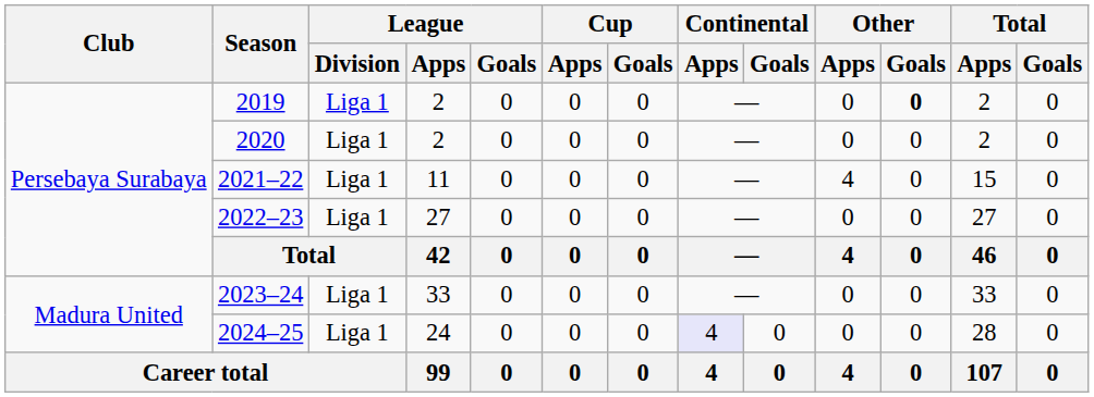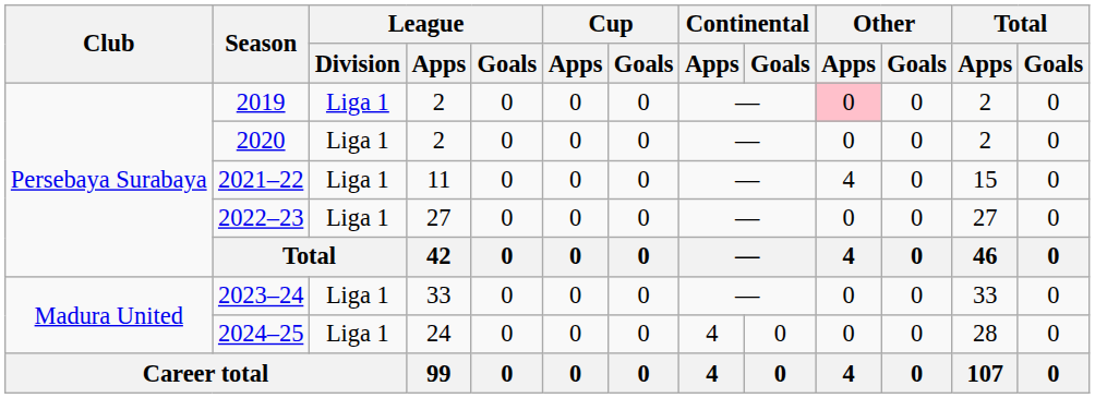 <table class="wikitable" style="text-align: center">
 <tr>
 <th rowspan="2">Club</th>
 <th rowspan="2">Season</th>
 <th colspan="3">League</th>
 <th colspan="2">Cup</th>
 <th colspan="2">Continental</th>
 <th colspan="2">Other</th>
 <th colspan="2">Total</th>
 </tr>
 <tr>
 <th>Division</th>
 <th>Apps</th>
 <th>Goals</th>
 <th>Apps</th>
 <th>Goals</th>
 <th>Apps</th>
 <th>Goals</th>
 <th>Apps</th>
 <th>Goals</th>
 <th>Apps</th>
 <th>Goals</th>
 </tr>
 <tr>
 <td rowspan="5"><a href='#'>Persebaya Surabaya</a></td>
 <td><a href='#'>2019</a></td>
 <td rowspan="1" valign="center"><a href='#'>Liga 1</a></td>
 <td>2</td>
 <td>0</td>
 <td>0</td>
 <td>0</td>
 <td colspan=2>—</td>
+<td style="background: pink;">0</td>
 <td>0</td>
-<td><strong>0</strong></td>
 <td>2</td>
 <td>0</td>
 </tr>
 <tr>
 <td><a href='#'>2020</a></td>
 <td rowspan="1" valign="center">Liga 1</td>
 <td>2</td>
 <td>0</td>
 <td>0</td>
 <td>0</td>
 <td colspan=2>—</td>
 <td>0</td>
 <td>0</td>
 <td>2</td>
 <td>0</td>
 </tr>
 <tr>
 <td><a href='#'>2021–22</a></td>
 <td rowspan="1" valign="center">Liga 1</td>
 <td>11</td>
 <td>0</td>
 <td>0</td>
 <td>0</td>
 <td colspan=2>—</td>
 <td>4</td>
 <td>0</td>
 <td>15</td>
 <td>0</td>
 </tr>
 <tr>
 <td><a href='#'>2022–23</a></td>
 <td rowspan="1" valign="center">Liga 1</td>
 <td>27</td>
 <td>0</td>
 <td>0</td>
 <td>0</td>
 <td colspan=2>—</td>
 <td>0</td>
 <td>0</td>
 <td>27</td>
 <td>0</td>
 </tr>
 <tr>
 <th colspan=2>Total</th>
 <th>42</th>
 <th>0</th>
 <th>0</th>
 <th>0</th>
 <th colspan=2>—</th>
 <th>4</th>
 <th>0</th>
 <th>46</th>
 <th>0</th>
 </tr>
 <tr>
 <td rowspan="2"><a href='#'>Madura United</a></td>
 <td><a href='#'>2023–24</a></td>
 <td rowspan="1" valign="center">Liga 1</td>
 <td>33</td>
 <td>0</td>
 <td>0</td>
 <td>0</td>
 <td colspan="2">—</td>
 <td>0</td>
 <td>0</td>
 <td>33</td>
 <td>0</td>
 </tr>
 <tr>
 <td><a href='#'>2024–25</a></td>
 <td>Liga 1</td>
 <td>24</td>
 <td>0</td>
 <td>0</td>
 <td>0</td>
-<td style="background: lavender;">4</td>
+<td>4</td>
 <td>0</td>
 <td>0</td>
 <td>0</td>
 <td>28</td>
 <td>0</td>
 </tr>
 <tr>
 <th colspan=3>Career total</th>
 <th>99</th>
 <th>0</th>
 <th>0</th>
 <th>0</th>
 <th>4</th>
 <th>0</th>
 <th>4</th>
 <th>0</th>
 <th>107</th>
 <th>0</th>
 </tr>
 </table>
